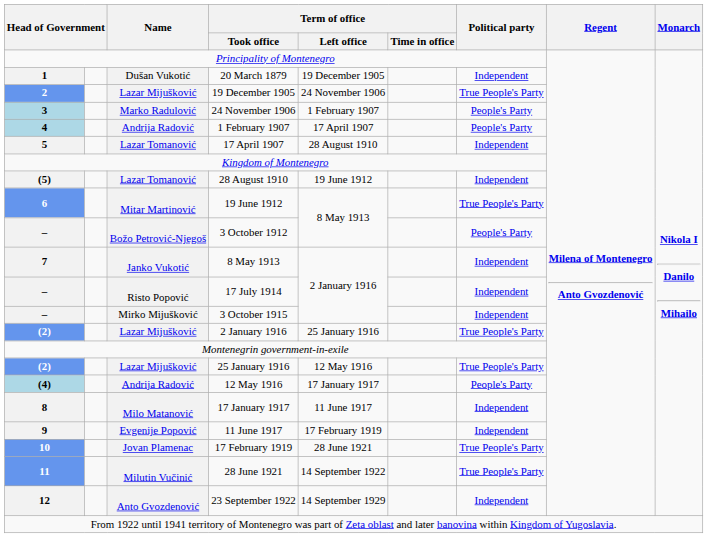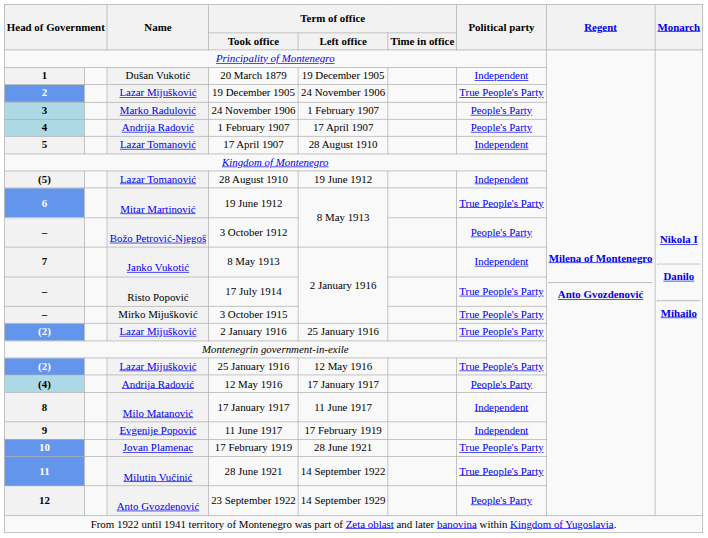 <table class=wikitable style="text-align:center; margin-bottom:0">
 <tr style="height:42px; background:#e9e9e9;">
 <th colspan="2" rowspan="2">Head of Government</th>
 <th rowspan="2">Name<br></th>
 <th colspan="3">Term of office</th>
 <th rowspan="2">Political party</th>
 <th rowspan="2"><a href='#'>Regent</a></th>
 <th colspan="2" rowspan="2"><a href='#'>Monarch</a></th>
 </tr>
 <tr>
 <th>Took office</th>
 <th>Left office</th>
 <th>Time in office</th>
 </tr>
 <tr>
 <td colspan="7"><em><a href='#'>Principality of Montenegro</a></em></td>
 <td rowspan="22"><strong><a href='#'>Milena of Montenegro</a></strong><br><br> <hr> <strong><a href='#'>Anto Gvozdenović</a></strong><br><br></td>
 <td rowspan="22"><strong><a href='#'>Nikola I</a></strong><br><br> <hr> <strong><a href='#'>Danilo</a></strong><br><br> <hr> <strong><a href='#'>Mihailo</a></strong><br><br></td>
 </tr>
 <tr>
 <th style="background:">1</th>
 <td></td>
 <th scope="row" style="font-weight:normal;">Dušan Vukotić<br></th>
 <td>20 March 1879</td>
 <td>19 December 1905</td>
 <td></td>
 <td><a href='#'>Independent</a></td>
 </tr>
 <tr>
 <th style="background:#6495ED; color:white;">2</th>
 <td></td>
 <th scope="row" style="font-weight:normal;"><a href='#'>Lazar Mijušković</a><br></th>
 <td>19 December 1905</td>
 <td>24 November 1906</td>
 <td></td>
 <td><a href='#'>True People's Party</a></td>
 </tr>
 <tr>
 <th style="background:#ADD8E6;">3</th>
 <td></td>
 <th scope="row" style="font-weight:normal;"><a href='#'>Marko Radulović</a><br></th>
 <td>24 November 1906</td>
 <td>1 February 1907</td>
 <td></td>
 <td><a href='#'>People's Party</a></td>
 </tr>
 <tr>
 <th style="background:#ADD8E6;">4</th>
 <td></td>
 <th scope="row" style="font-weight:normal;"><a href='#'>Andrija Radović</a><br></th>
 <td>1 February 1907</td>
 <td>17 April 1907</td>
 <td></td>
 <td><a href='#'>People's Party</a></td>
 </tr>
 <tr>
 <th style="background:">5</th>
 <td></td>
 <th scope="row" style="font-weight:normal;"><a href='#'>Lazar Tomanović</a><br></th>
 <td>17 April 1907</td>
 <td>28 August 1910</td>
 <td></td>
 <td><a href='#'>Independent</a></td>
 </tr>
 <tr>
 <td colspan="7"><em><a href='#'>Kingdom of Montenegro</a></em></td>
 </tr>
 <tr>
 <th style="background:">(5)</th>
 <td></td>
 <th scope="row" style="font-weight:normal;"><a href='#'>Lazar Tomanović</a><br></th>
 <td>28 August 1910</td>
 <td>19 June 1912</td>
 <td></td>
 <td><a href='#'>Independent</a></td>
 </tr>
 <tr>
 <th style="background:#6495ED; color:white;">6</th>
 <td></td>
 <th scope="row" style="font-weight:normal;"><br><a href='#'>Mitar Martinović</a><br></th>
 <td>19 June 1912</td>
 <td rowspan="2">8 May 1913</td>
 <td></td>
 <td><a href='#'>True People's Party</a></td>
 </tr>
 <tr>
 <th style="background:">–</th>
 <td></td>
 <th scope="row" style="font-weight:normal;"><br><a href='#'>Božo Petrović-Njegoš</a><br></th>
 <td>3 October 1912</td>
 <td></td>
 <td><a href='#'>People's Party</a></td>
 </tr>
 <tr>
 <th style="background:">7</th>
 <td></td>
 <th scope="row" style="font-weight:normal;"><br><a href='#'>Janko Vukotić</a><br></th>
 <td>8 May 1913</td>
 <td rowspan="3">2 January 1916</td>
 <td></td>
 <td><a href='#'>Independent</a></td>
 </tr>
 <tr>
 <th style="background:">–</th>
 <td></td>
 <th scope="row" style="font-weight:normal;"><br>Risto Popović<br></th>
 <td>17 July 1914</td>
 <td></td>
-<td><a href='#'>Independent</a></td>
+<td><a href='#'>True People's Party</a></td>
 </tr>
 <tr>
 <th style="background:">–</th>
 <td></td>
 <th scope="row" style="font-weight:normal;">Mirko Mijušković<br></th>
 <td>3 October 1915</td>
 <td></td>
-<td><a href='#'>Independent</a></td>
+<td><a href='#'>True People's Party</a></td>
 </tr>
 <tr>
 <th style="background:#6495ED; color:white;">(2)</th>
 <td></td>
 <th scope="row" style="font-weight:normal;"><a href='#'>Lazar Mijušković</a><br></th>
 <td>2 January 1916</td>
 <td>25 January 1916</td>
 <td></td>
 <td><a href='#'>True People's Party</a></td>
 </tr>
 <tr>
 <td colspan="7"><em>Montenegrin government-in-exile</em></td>
 </tr>
 <tr>
 <th style="background:#6495ED; color:white;">(2)</th>
 <td></td>
 <th scope="row" style="font-weight:normal;"><a href='#'>Lazar Mijušković</a><br></th>
 <td>25 January 1916</td>
 <td>12 May 1916</td>
 <td></td>
 <td><a href='#'>True People's Party</a></td>
 </tr>
 <tr>
 <th style="background:#ADD8E6;">(4)</th>
 <td></td>
 <th scope="row" style="font-weight:normal;"><a href='#'>Andrija Radović</a><br></th>
 <td>12 May 1916</td>
 <td>17 January 1917</td>
 <td></td>
 <td><a href='#'>People's Party</a></td>
 </tr>
 <tr>
 <th style="background:">8</th>
 <td></td>
 <th scope="row" style="font-weight:normal;"><br><a href='#'>Milo Matanović</a><br></th>
 <td>17 January 1917</td>
 <td>11 June 1917</td>
 <td></td>
 <td><a href='#'>Independent</a></td>
 </tr>
 <tr>
 <th style="background:">9</th>
 <td></td>
 <th scope="row" style="font-weight:normal;"><a href='#'>Evgenije Popović</a><br></th>
 <td>11 June 1917</td>
 <td>17 February 1919</td>
 <td></td>
 <td><a href='#'>Independent</a></td>
 </tr>
 <tr>
 <th style="background:#6495ED; color:white;">10</th>
 <td></td>
 <th scope="row" style="font-weight:normal;"><a href='#'>Jovan Plamenac</a><br></th>
 <td>17 February 1919</td>
 <td>28 June 1921</td>
 <td></td>
 <td><a href='#'>True People's Party</a></td>
 </tr>
 <tr>
 <th style="background:#6495ED; color:white;">11</th>
 <td></td>
 <th scope="row" style="font-weight:normal;"><br><a href='#'>Milutin Vučinić</a><br></th>
 <td>28 June 1921</td>
 <td>14 September 1922</td>
 <td></td>
 <td><a href='#'>True People's Party</a></td>
 </tr>
 <tr>
 <th style="background:">12</th>
 <td></td>
 <th scope="row" style="font-weight:normal;"><br><a href='#'>Anto Gvozdenović</a><br></th>
 <td>23 September 1922</td>
 <td>14 September 1929</td>
 <td></td>
-<td><a href='#'>Independent</a></td>
+<td><a href='#'>People's Party</a></td>
 </tr>
 <tr>
 <td colspan="10">From 1922 until 1941 territory of Montenegro was part of <a href='#'>Zeta oblast</a> and later <a href='#'>banovina</a> within <a href='#'>Kingdom of Yugoslavia</a>.</td>
 </tr>
 </table>
